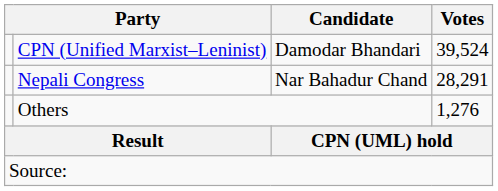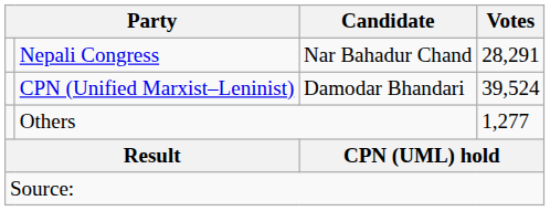 <table class="wikitable">
 <tr>
 <th colspan="2">Party</th>
 <th>Candidate</th>
 <th>Votes</th>
 </tr>
 <tr>
 <td style="background-color:"></td>
+<td><a href='#'>Nepali Congress</a></td>
+<td>Nar Bahadur Chand</td>
+<td>28,291</td>
+</tr>
+<tr>
+<td style="background-color:"></td>
 <td><a href='#'>CPN (Unified Marxist–Leninist)</a></td>
 <td>Damodar Bhandari</td>
 <td>39,524</td>
 </tr>
 <tr>
-<td style="background-color:"></td>
-<td><a href='#'>Nepali Congress</a></td>
-<td>Nar Bahadur Chand</td>
-<td>28,291</td>
-</tr>
-<tr>
 <td></td>
 <td colspan="2">Others</td>
-<td>1,276</td>
+<td>1,277</td>
 </tr>
 <tr>
 <th colspan="2">Result</th>
 <th colspan="2">CPN (UML) hold</th>
 </tr>
 <tr>
 <td colspan="4">Source: </td>
 </tr>
 </table>
